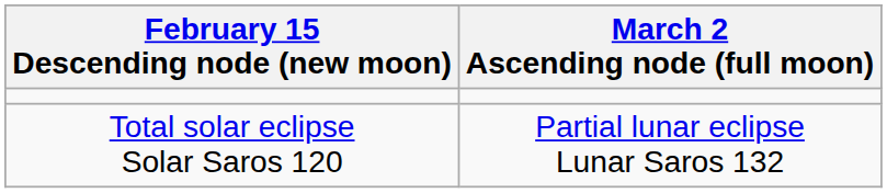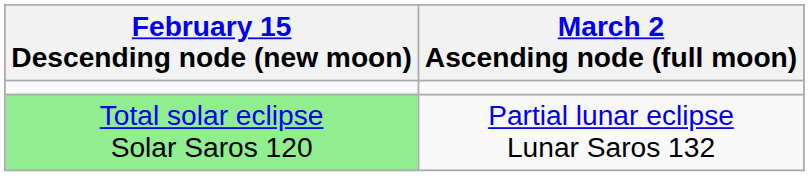 <table class="wikitable">
 <tr>
 <th><a href='#'>February 15</a><br>Descending node (new moon)<br></th>
 <th><a href='#'>March 2</a><br>Ascending node (full moon)</th>
 </tr>
 <tr>
 <td></td>
 <td></td>
 </tr>
 <tr align=center>
-<td><a href='#'>Total solar eclipse</a><br>Solar Saros 120</td>
+<td style="background: lightgreen;"><a href='#'>Total solar eclipse</a><br>Solar Saros 120</td>
 <td><a href='#'>Partial lunar eclipse</a><br>Lunar Saros 132</td>
 </tr>
 </table>
